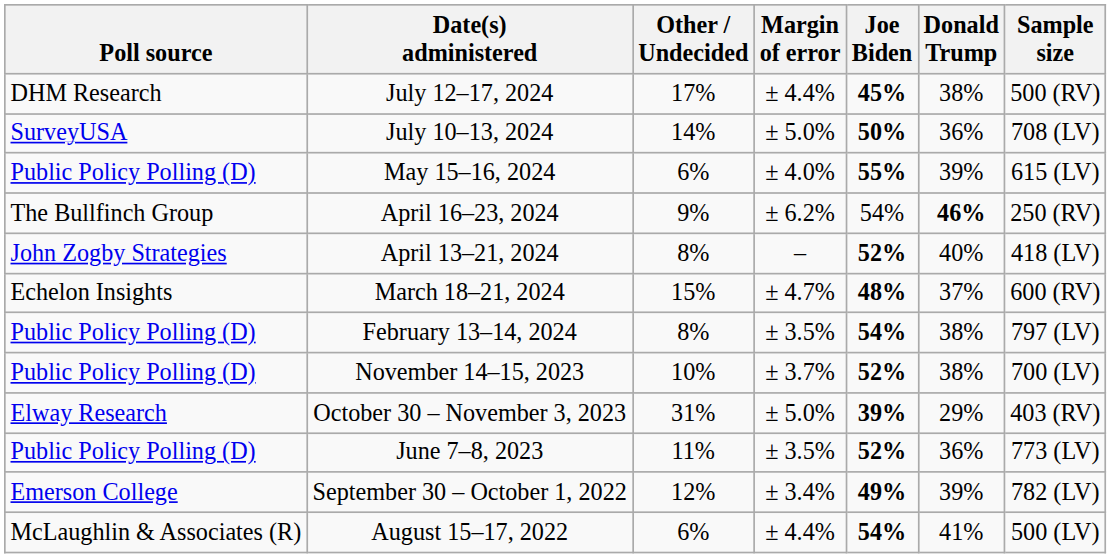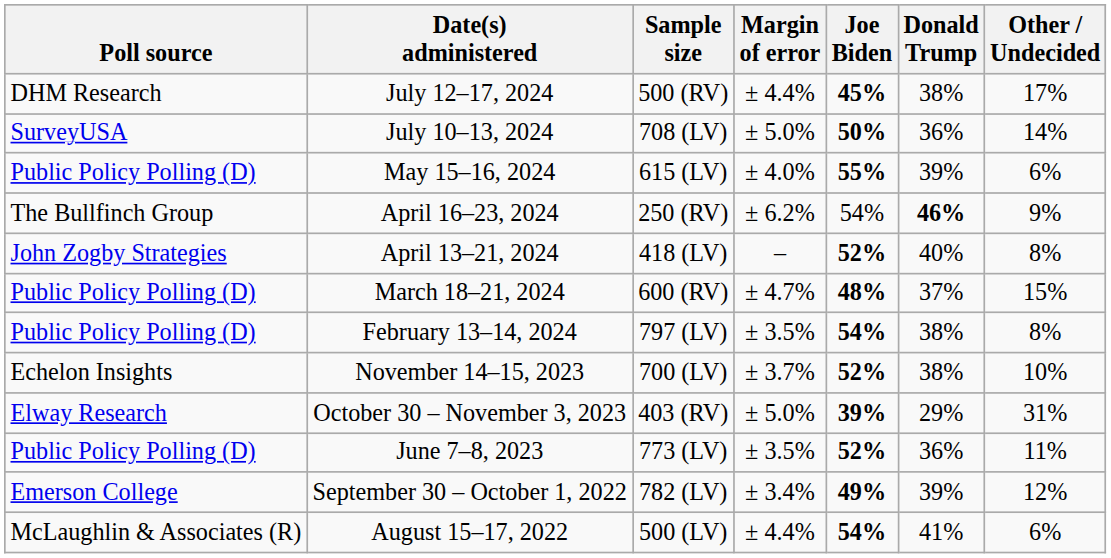 <table class="wikitable sortable mw-datatable" style="font-size:90%;text-align:center;line-height:17px">
 <tr valign=bottom>
 <th>Poll source</th>
 <th>Date(s)<br>administered</th>
-<th class="unsortable">Other /<br>Undecided</th>
+<th>Sample<br>size</th>
 <th>Margin<br>of error</th>
 <th class="unsortable">Joe<br>Biden<br></th>
 <th class="unsortable">Donald<br>Trump<br></th>
-<th>Sample<br>size</th>
+<th class="unsortable">Other /<br>Undecided</th>
 </tr>
 <tr>
 <td style="text-align:left;">DHM Research</td>
 <td data-sort-value="2024-08-16">July 12–17, 2024</td>
-<td>17%</td>
+<td>500 (RV)</td>
 <td>± 4.4%</td>
 <td style="color:black;background-color:"><strong>45%</strong></td>
 <td>38%</td>
-<td>500 (RV)</td>
+<td>17%</td>
 </tr>
 <tr>
 <td style="text-align:left;"><a href='#'>SurveyUSA</a></td>
 <td>July 10–13, 2024</td>
-<td>14%</td>
+<td>708 (LV)</td>
 <td>± 5.0%</td>
 <td style="color:black;background-color:"><strong>50%</strong></td>
 <td>36%</td>
-<td>708 (LV)</td>
+<td>14%</td>
 </tr>
 <tr>
 <td style="text-align:left;"><a href='#'>Public Policy Polling (D)</a></td>
 <td>May 15–16, 2024</td>
-<td>6%</td>
+<td>615 (LV)</td>
 <td>± 4.0%</td>
 <td style="color:black;background-color:"><strong>55%</strong></td>
 <td>39%</td>
-<td>615 (LV)</td>
+<td>6%</td>
 </tr>
 <tr>
 <td style="text-align:left;">The Bullfinch Group</td>
 <td>April 16–23, 2024</td>
-<td>9%</td>
+<td>250 (RV)</td>
 <td>± 6.2%</td>
 <td>54%</td>
 <td style="background-color:"><strong>46%</strong></td>
-<td>250 (RV)</td>
+<td>9%</td>
 </tr>
 <tr>
 <td style="text-align:left;"><a href='#'>John Zogby Strategies</a></td>
 <td data-sort-value="2024-05-01">April 13–21, 2024</td>
-<td>8%</td>
+<td>418 (LV)</td>
 <td>–</td>
 <td style="color:black;background-color:"><strong>52%</strong></td>
 <td>40%</td>
-<td>418 (LV)</td>
+<td>8%</td>
 </tr>
 <tr>
-<td style="text-align:left;">Echelon Insights</td>
+<td style="text-align:left;"><a href='#'>Public Policy Polling (D)</a></td>
 <td>March 18–21, 2024</td>
-<td>15%</td>
+<td>600 (RV)</td>
 <td>± 4.7%</td>
 <td style="color:black;background-color:"><strong>48%</strong></td>
 <td>37%</td>
-<td>600 (RV)</td>
+<td>15%</td>
 </tr>
 <tr>
 <td style="text-align:left;"><a href='#'>Public Policy Polling (D)</a></td>
 <td data-sort-value="2024-02-16">February 13–14, 2024</td>
-<td>8%</td>
+<td>797 (LV)</td>
 <td>± 3.5%</td>
 <td style="color:black;background-color:"><strong>54%</strong></td>
 <td>38%</td>
-<td>797 (LV)</td>
+<td>8%</td>
 </tr>
 <tr>
-<td style="text-align:left;"><a href='#'>Public Policy Polling (D)</a></td>
+<td style="text-align:left;">Echelon Insights</td>
 <td data-sort-value="2023-06-08">November 14–15, 2023</td>
-<td>10%</td>
+<td>700 (LV)</td>
 <td>± 3.7%</td>
 <td style="color:black;background-color:"><strong>52%</strong></td>
 <td>38%</td>
-<td>700 (LV)</td>
+<td>10%</td>
 </tr>
 <tr>
 <td style="text-align:left;"><a href='#'>Elway Research</a></td>
 <td data-sort-value="2023-11-03">October 30 – November 3, 2023</td>
-<td>31%</td>
+<td>403 (RV)</td>
 <td>± 5.0%</td>
 <td style="color:black;background-color:"><strong>39%</strong></td>
 <td>29%</td>
-<td>403 (RV)</td>
+<td>31%</td>
 </tr>
 <tr>
 <td style="text-align:left;"><a href='#'>Public Policy Polling (D)</a></td>
 <td data-sort-value="2023-06-08">June 7–8, 2023</td>
-<td>11%</td>
+<td>773 (LV)</td>
 <td>± 3.5%</td>
 <td style="color:black;background-color:"><strong>52%</strong></td>
 <td>36%</td>
-<td>773 (LV)</td>
+<td>11%</td>
 </tr>
 <tr>
 <td style="text-align:left;"><a href='#'>Emerson College</a></td>
 <td data-sort-value="2022-10-01">September 30 – October 1, 2022</td>
-<td>12%</td>
+<td>782 (LV)</td>
 <td>± 3.4%</td>
 <td style="color:black;background-color:"><strong>49%</strong></td>
 <td>39%</td>
-<td>782 (LV)</td>
+<td>12%</td>
 </tr>
 <tr>
 <td style="text-align:left;">McLaughlin & Associates (R)</td>
 <td data-sort-value="2022-08-17">August 15–17, 2022</td>
-<td>6%</td>
+<td>500 (LV)</td>
 <td>± 4.4%</td>
 <td style="color:black;background-color:"><strong>54%</strong></td>
 <td>41%</td>
-<td>500 (LV)</td>
+<td>6%</td>
 </tr>
 </table>
